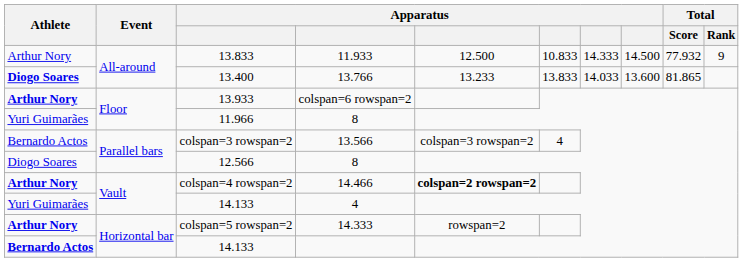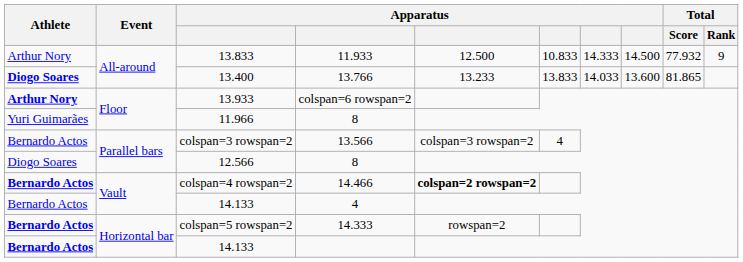 <table class=wikitable style=font-size:90%;text-align:center>
 <tr>
 <th rowspan=2>Athlete</th>
 <th rowspan=2>Event</th>
 <th colspan=6>Apparatus</th>
 <th colspan=2>Total</th>
 </tr>
 <tr style=font-size:95%>
 <th></th>
 <th></th>
 <th></th>
 <th></th>
 <th></th>
 <th></th>
 <th>Score</th>
 <th>Rank</th>
 </tr>
 <tr>
 <td align=left><a href='#'>Arthur Nory</a></td>
 <td align=left rowspan=2><a href='#'>All-around</a></td>
 <td>13.833</td>
 <td>11.933</td>
 <td>12.500</td>
 <td>10.833</td>
 <td>14.333</td>
 <td>14.500</td>
 <td>77.932</td>
 <td>9</td>
 </tr>
 <tr>
 <td align=left><strong><a href='#'>Diogo Soares</a></strong></td>
 <td>13.400</td>
 <td>13.766</td>
 <td>13.233</td>
 <td>13.833</td>
 <td>14.033</td>
 <td>13.600</td>
 <td>81.865</td>
 <td></td>
 </tr>
 <tr>
 <td align=left><strong><a href='#'>Arthur Nory</a></strong></td>
 <td align=left rowspan=2><a href='#'>Floor</a></td>
 <td>13.933</td>
 <td>colspan=6 rowspan=2 </td>
 <td></td>
 </tr>
 <tr>
 <td align=left><a href='#'>Yuri Guimarães</a></td>
 <td>11.966</td>
 <td>8</td>
 </tr>
 <tr>
 <td align=left><a href='#'>Bernardo Actos</a></td>
 <td align=left rowspan=2><a href='#'>Parallel bars</a></td>
 <td>colspan=3 rowspan=2 </td>
 <td>13.566</td>
 <td>colspan=3 rowspan=2 </td>
 <td>4</td>
 </tr>
 <tr>
 <td align=left><a href='#'>Diogo Soares</a></td>
 <td>12.566</td>
 <td>8</td>
 </tr>
 <tr>
-<td align=left><strong><a href='#'>Arthur Nory</a></strong></td>
+<td align=left><strong><a href='#'>Bernardo Actos</a></strong></td>
 <td align=left rowspan=2><a href='#'>Vault</a></td>
 <td>colspan=4 rowspan=2 </td>
 <td>14.466</td>
 <td><strong>colspan=2 rowspan=2 </strong></td>
 <td></td>
 </tr>
 <tr>
-<td align=left><a href='#'>Yuri Guimarães</a></td>
+<td align=left><a href='#'>Bernardo Actos</a></td>
 <td>14.133</td>
 <td>4</td>
 </tr>
 <tr>
-<td align=left><strong><a href='#'>Arthur Nory</a></strong></td>
+<td align=left><strong><a href='#'>Bernardo Actos</a></strong></td>
 <td align=left rowspan=2><a href='#'>Horizontal bar</a></td>
 <td>colspan=5 rowspan=2 </td>
 <td>14.333</td>
 <td>rowspan=2 </td>
 <td></td>
 </tr>
 <tr>
 <td align=left><strong><a href='#'>Bernardo Actos</a></strong></td>
 <td>14.133</td>
 <td></td>
 </tr>
 </table>
